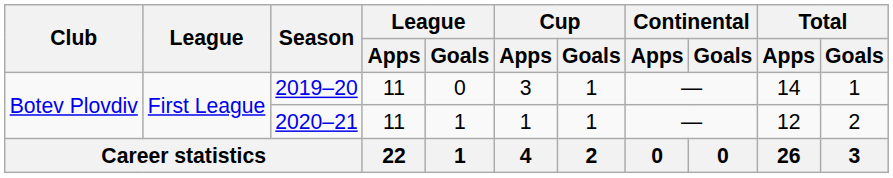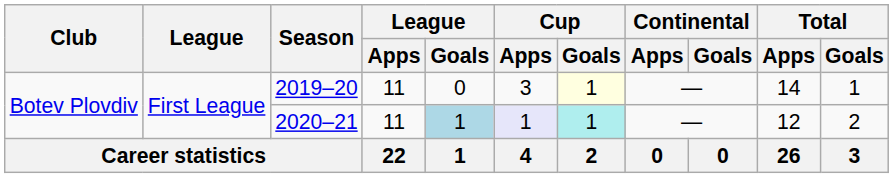 <table class="wikitable" style="font-size:90%; text-align: center">
 <tr>
 <th rowspan=2>Club</th>
 <th rowspan=2>League</th>
 <th rowspan=2>Season</th>
 <th colspan=2>League</th>
 <th colspan=2>Cup</th>
 <th colspan=2>Continental</th>
 <th colspan=2>Total</th>
 </tr>
 <tr>
 <th>Apps</th>
 <th>Goals</th>
 <th>Apps</th>
 <th>Goals</th>
 <th>Apps</th>
 <th>Goals</th>
 <th>Apps</th>
 <th>Goals</th>
 </tr>
 <tr>
 <td rowspan=2 valign="center"><a href='#'>Botev Plovdiv</a></td>
 <td rowspan="2"><a href='#'>First League</a></td>
 <td><a href='#'>2019–20</a></td>
 <td>11</td>
 <td>0</td>
 <td>3</td>
-<td>1</td>
+<td style="background: lightyellow;">1</td>
 <td colspan="2">—</td>
 <td>14</td>
 <td>1</td>
 </tr>
 <tr>
 <td><a href='#'>2020–21</a></td>
 <td>11</td>
-<td>1</td>
-<td>1</td>
-<td>1</td>
+<td style="background: lightblue;">1</td>
+<td style="background: lavender;">1</td>
+<td style="background: paleturquoise;">1</td>
 <td colspan="2">—</td>
 <td>12</td>
 <td>2</td>
 </tr>
 <tr>
 <th colspan=3>Career statistics</th>
 <th>22</th>
 <th>1</th>
 <th>4</th>
 <th>2</th>
 <th>0</th>
 <th>0</th>
 <th>26</th>
 <th>3</th>
 </tr>
 </table>
